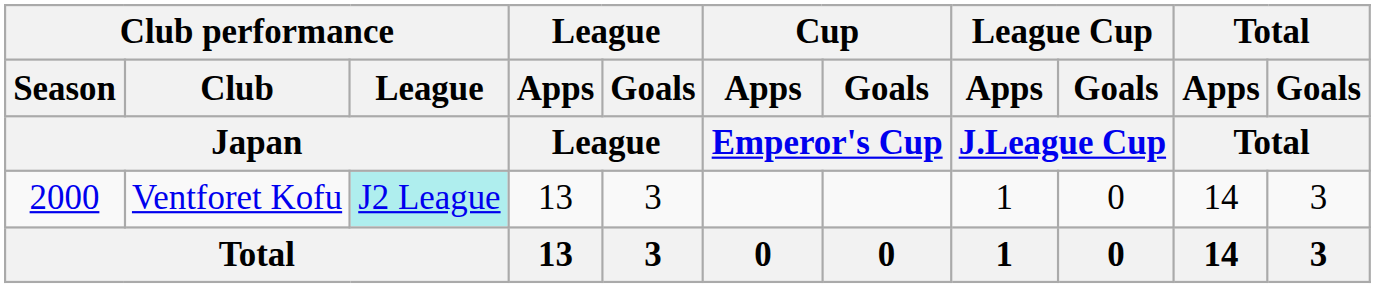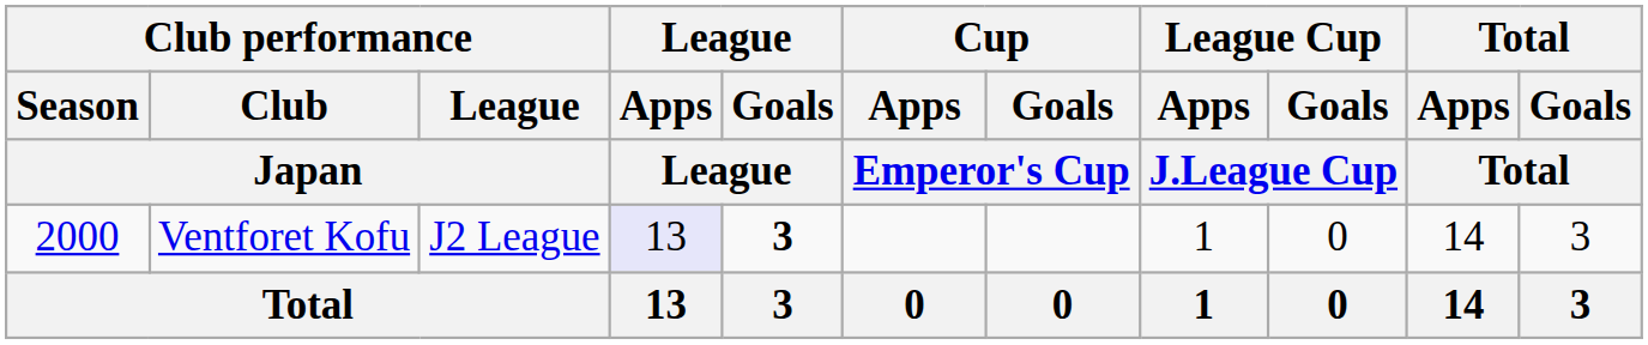 <table class="wikitable" style="text-align:center;">
 <tr>
 <th colspan=3>Club performance</th>
 <th colspan=2>League</th>
 <th colspan=2>Cup</th>
 <th colspan=2>League Cup</th>
 <th colspan=2>Total</th>
 </tr>
 <tr>
 <th>Season</th>
 <th>Club</th>
 <th>League</th>
 <th>Apps</th>
 <th>Goals</th>
 <th>Apps</th>
 <th>Goals</th>
 <th>Apps</th>
 <th>Goals</th>
 <th>Apps</th>
 <th>Goals</th>
 </tr>
 <tr>
 <th colspan=3>Japan</th>
 <th colspan=2>League</th>
 <th colspan=2><a href='#'>Emperor's Cup</a></th>
 <th colspan=2><a href='#'>J.League Cup</a></th>
 <th colspan=2>Total</th>
 </tr>
 <tr>
 <td><a href='#'>2000</a></td>
 <td><a href='#'>Ventforet Kofu</a></td>
-<td style="background: paleturquoise;"><a href='#'>J2 League</a></td>
-<td>13</td>
-<td>3</td>
+<td><a href='#'>J2 League</a></td>
+<td style="background: lavender;">13</td>
+<td><strong>3</strong></td>
 <td></td>
 <td></td>
 <td>1</td>
 <td>0</td>
 <td>14</td>
 <td>3</td>
 </tr>
 <tr>
 <th colspan=3>Total</th>
 <th>13</th>
 <th>3</th>
 <th>0</th>
 <th>0</th>
 <th>1</th>
 <th>0</th>
 <th>14</th>
 <th>3</th>
 </tr>
 </table>
